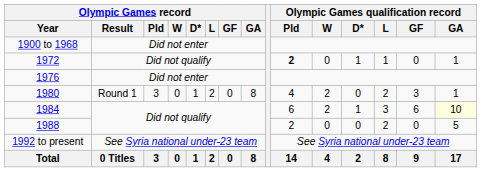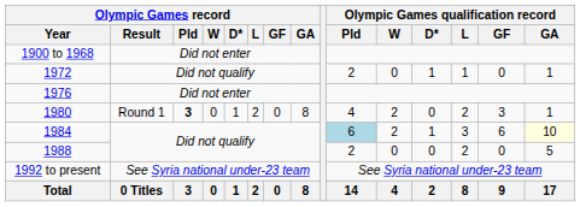 <table class="wikitable" style="text-align: center;">
 <tr>
 <th colspan=8><a href='#'>Olympic Games</a> record</th>
 <th style="width:1%;" rowspan="11"></th>
 <th colspan=6>Olympic Games qualification record</th>
 </tr>
 <tr>
 <th>Year</th>
 <th>Result</th>
 <th>Pld</th>
 <th>W</th>
 <th>D*</th>
 <th>L</th>
 <th>GF</th>
 <th>GA</th>
 <th>Pld</th>
 <th>W</th>
 <th>D*</th>
 <th>L</th>
 <th>GF</th>
 <th>GA</th>
 </tr>
 <tr>
 <td> <a href='#'>1900</a> to <a href='#'>1968</a> </td>
 <td colspan=7><em>Did not enter</em></td>
 <td colspan=6></td>
 </tr>
 <tr>
 <td> <a href='#'>1972</a></td>
 <td colspan=7><em>Did not qualify</em></td>
-<td><strong>2</strong></td>
+<td>2</td>
 <td>0</td>
 <td>1</td>
 <td>1</td>
 <td>0</td>
 <td>1</td>
 </tr>
 <tr>
 <td> <a href='#'>1976</a></td>
 <td colspan=7><em>Did not enter</em></td>
 <td colspan=6></td>
 </tr>
 <tr>
 <td> <a href='#'>1980</a></td>
 <td>Round 1</td>
-<td>3</td>
+<td><strong>3</strong></td>
 <td>0</td>
 <td>1</td>
 <td>2</td>
 <td>0</td>
 <td>8</td>
 <td>4</td>
 <td>2</td>
 <td>0</td>
 <td>2</td>
 <td>3</td>
 <td>1</td>
 </tr>
 <tr>
 <td> <a href='#'>1984</a></td>
 <td colspan=7 rowspan=2><em>Did not qualify</em></td>
-<td>6</td>
+<td style="background: lightblue;">6</td>
 <td>2</td>
 <td>1</td>
 <td>3</td>
 <td>6</td>
 <td style="background: lightyellow;">10</td>
 </tr>
 <tr>
 <td> <a href='#'>1988</a></td>
 <td>2</td>
 <td>0</td>
 <td>0</td>
 <td>2</td>
 <td>0</td>
 <td>5</td>
 </tr>
 <tr>
 <td> <a href='#'>1992</a> to present</td>
 <td colspan=8><em>See <a href='#'>Syria national under-23 team</a></em></td>
 <td colspan=6><em>See <a href='#'>Syria national under-23 team</a></em></td>
 </tr>
 <tr>
 <th><strong>Total</strong></th>
 <th><strong>0 Titles</strong></th>
 <th>3</th>
 <th>0</th>
 <th>1</th>
 <th>2</th>
 <th>0</th>
 <th>8</th>
 <th>14</th>
 <th>4</th>
 <th>2</th>
 <th>8</th>
 <th>9</th>
 <th>17</th>
 </tr>
 </table>
